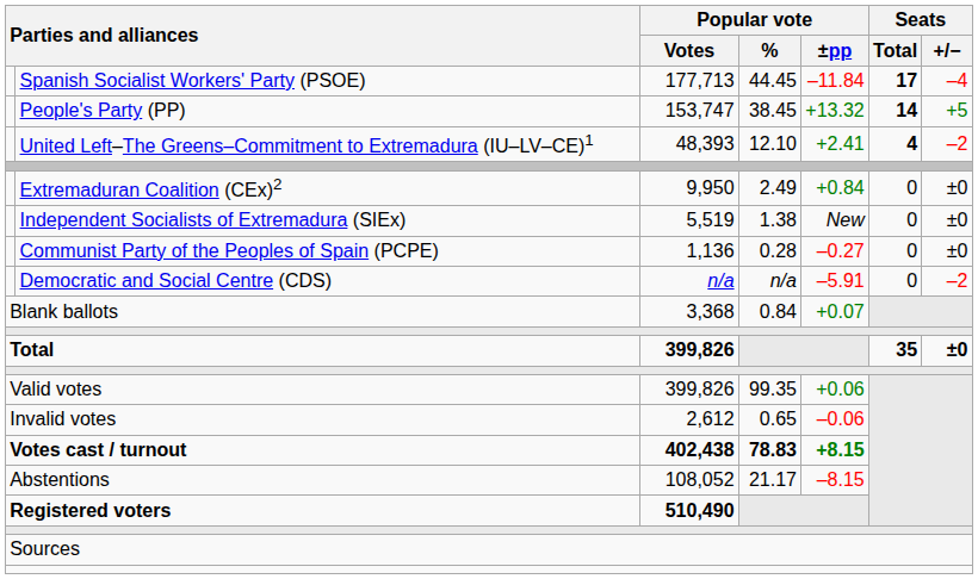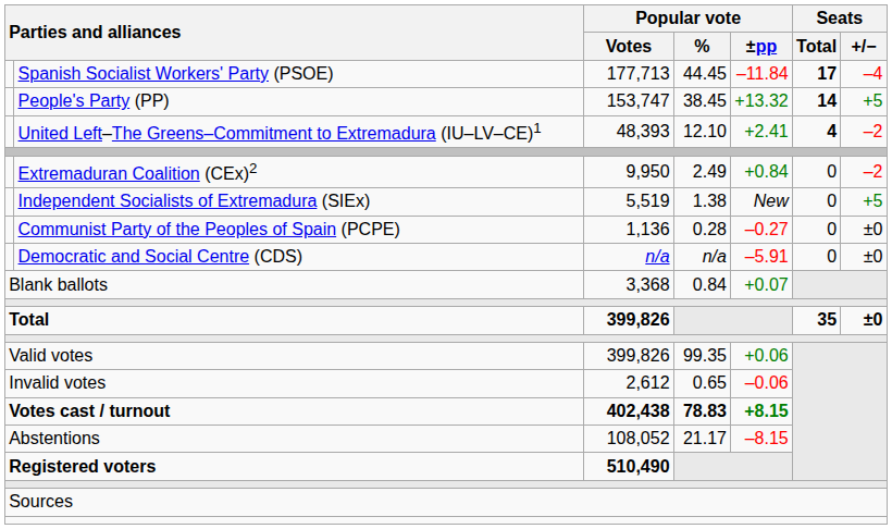 <table class="wikitable" style="text-align:right;">
 <tr>
 <th style="text-align:left;" rowspan="2" colspan="2" width="525">Parties and alliances</th>
 <th colspan="3">Popular vote</th>
 <th colspan="2">Seats</th>
 </tr>
 <tr>
 <th width="75">Votes</th>
 <th width="45">%</th>
 <th width="45">±<a href='#'>pp</a></th>
 <th width="35">Total</th>
 <th width="35">+/−</th>
 </tr>
 <tr>
 <td width="1" style="color:inherit;background:"></td>
 <td align="left"><a href='#'>Spanish Socialist Workers' Party</a> (PSOE)</td>
 <td>177,713</td>
 <td>44.45</td>
 <td style="color:red;">–11.84</td>
 <td><strong>17</strong></td>
 <td style="color:red;">–4</td>
 </tr>
 <tr>
 <td style="color:inherit;background:"></td>
 <td align="left"><a href='#'>People's Party</a> (PP)</td>
 <td>153,747</td>
 <td>38.45</td>
 <td style="color:green;">+13.32</td>
 <td><strong>14</strong></td>
 <td style="color:green;">+5</td>
 </tr>
 <tr>
 <td style="color:inherit;background:"></td>
 <td align="left"><a href='#'>United Left</a>–<a href='#'>The Greens–Commitment to Extremadura</a> (IU–LV–CE)<sup>1</sup></td>
 <td>48,393</td>
 <td>12.10</td>
 <td style="color:green;">+2.41</td>
 <td><strong>4</strong></td>
 <td style="color:red;">–2</td>
 </tr>
 <tr>
 <td colspan="7" bgcolor="#C0C0C0"></td>
 </tr>
 <tr>
 <td style="color:inherit;background:"></td>
 <td align="left"><a href='#'>Extremaduran Coalition</a> (CEx)<sup>2</sup></td>
 <td>9,950</td>
 <td>2.49</td>
 <td style="color:green;">+0.84</td>
 <td>0</td>
-<td>±0</td>
+<td style="color:red;">–2</td>
 </tr>
 <tr>
 <td style="color:inherit;background:"></td>
 <td align="left"><a href='#'>Independent Socialists of Extremadura</a> (SIEx)</td>
 <td>5,519</td>
 <td>1.38</td>
 <td><em>New</em></td>
 <td>0</td>
-<td>±0</td>
+<td style="color:green;">+5</td>
 </tr>
 <tr>
 <td style="color:inherit;background:"></td>
 <td align="left"><a href='#'>Communist Party of the Peoples of Spain</a> (PCPE)</td>
 <td>1,136</td>
 <td>0.28</td>
 <td style="color:red;">–0.27</td>
 <td>0</td>
 <td>±0</td>
 </tr>
 <tr>
 <td style="color:inherit;background:"></td>
 <td align="left"><a href='#'>Democratic and Social Centre</a> (CDS)</td>
 <td><em><a href='#'>n/a</a></em></td>
 <td><em>n/a</em></td>
 <td style="color:red;">–5.91</td>
 <td>0</td>
-<td style="color:red;">–2</td>
+<td>±0</td>
 </tr>
 <tr>
 <td align="left" colspan="2">Blank ballots</td>
 <td>3,368</td>
 <td>0.84</td>
 <td style="color:green;">+0.07</td>
 <td bgcolor="#E9E9E9" colspan="2"></td>
 </tr>
 <tr>
 <td colspan="7" bgcolor="#E9E9E9"></td>
 </tr>
 <tr style="font-weight:bold;">
 <td align="left" colspan="2">Total</td>
 <td>399,826</td>
 <td bgcolor="#E9E9E9" colspan="2"></td>
 <td>35</td>
 <td>±0</td>
 </tr>
 <tr>
 <td colspan="7" bgcolor="#E9E9E9"></td>
 </tr>
 <tr>
 <td align="left" colspan="2">Valid votes</td>
 <td>399,826</td>
 <td>99.35</td>
 <td style="color:green;">+0.06</td>
 <td bgcolor="#E9E9E9" colspan="2" rowspan="5"></td>
 </tr>
 <tr>
 <td align="left" colspan="2">Invalid votes</td>
 <td>2,612</td>
 <td>0.65</td>
 <td style="color:red;">–0.06</td>
 </tr>
 <tr style="font-weight:bold;">
 <td align="left" colspan="2">Votes cast / turnout</td>
 <td>402,438</td>
 <td>78.83</td>
 <td style="color:green;">+8.15</td>
 </tr>
 <tr>
 <td align="left" colspan="2">Abstentions</td>
 <td>108,052</td>
 <td>21.17</td>
 <td style="color:red;">–8.15</td>
 </tr>
 <tr style="font-weight:bold;">
 <td align="left" colspan="2">Registered voters</td>
 <td>510,490</td>
 <td bgcolor="#E9E9E9" colspan="2"></td>
 </tr>
 <tr>
 <td colspan="7" bgcolor="#E9E9E9"></td>
 </tr>
 <tr>
 <td align="left" colspan="7">Sources</td>
 </tr>
 <tr>
 <td colspan="7" style="text-align:left; max-width:790px;"></td>
 </tr>
 </table>
